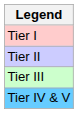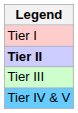 <table class="wikitable">
 <tr>
 <th>Legend</th>
 </tr>
 <tr style="background:#fcc;">
 <td>Tier I</td>
 </tr>
 <tr style="background:#ccf;">
-<td>Tier II</td>
+<td><strong>Tier II</strong></td>
 </tr>
 <tr style="background:#cfc;">
 <td>Tier III</td>
 </tr>
 <tr style="background:#6cf;">
 <td>Tier IV & V</td>
 </tr>
 </table>
